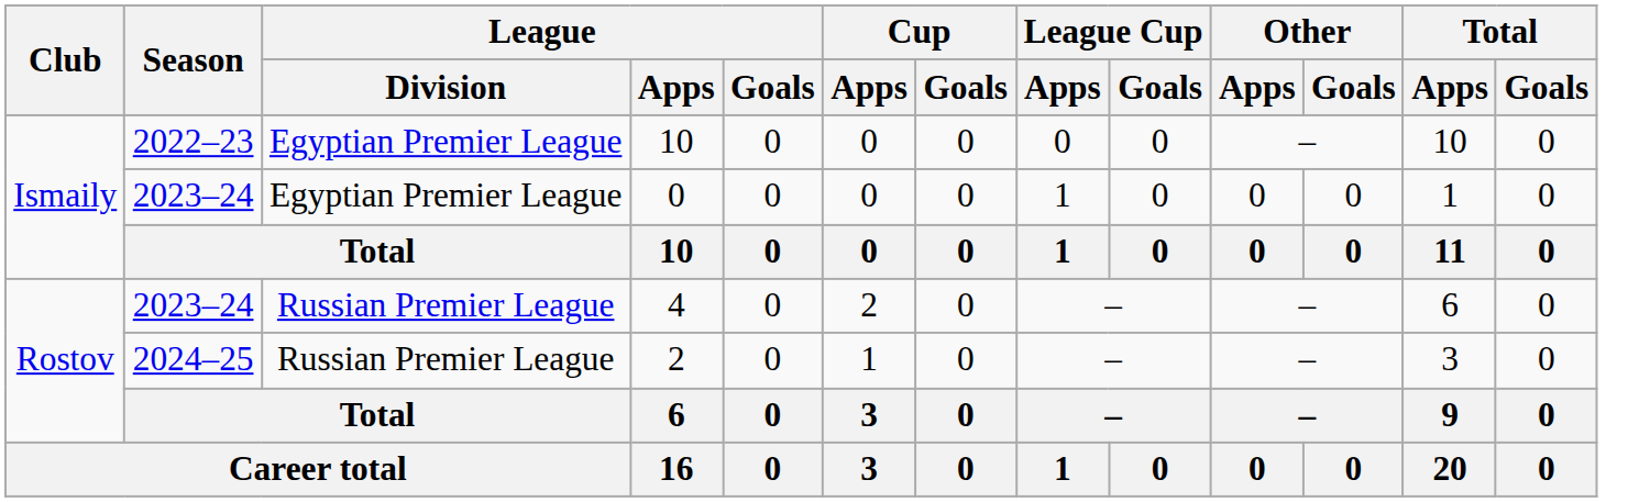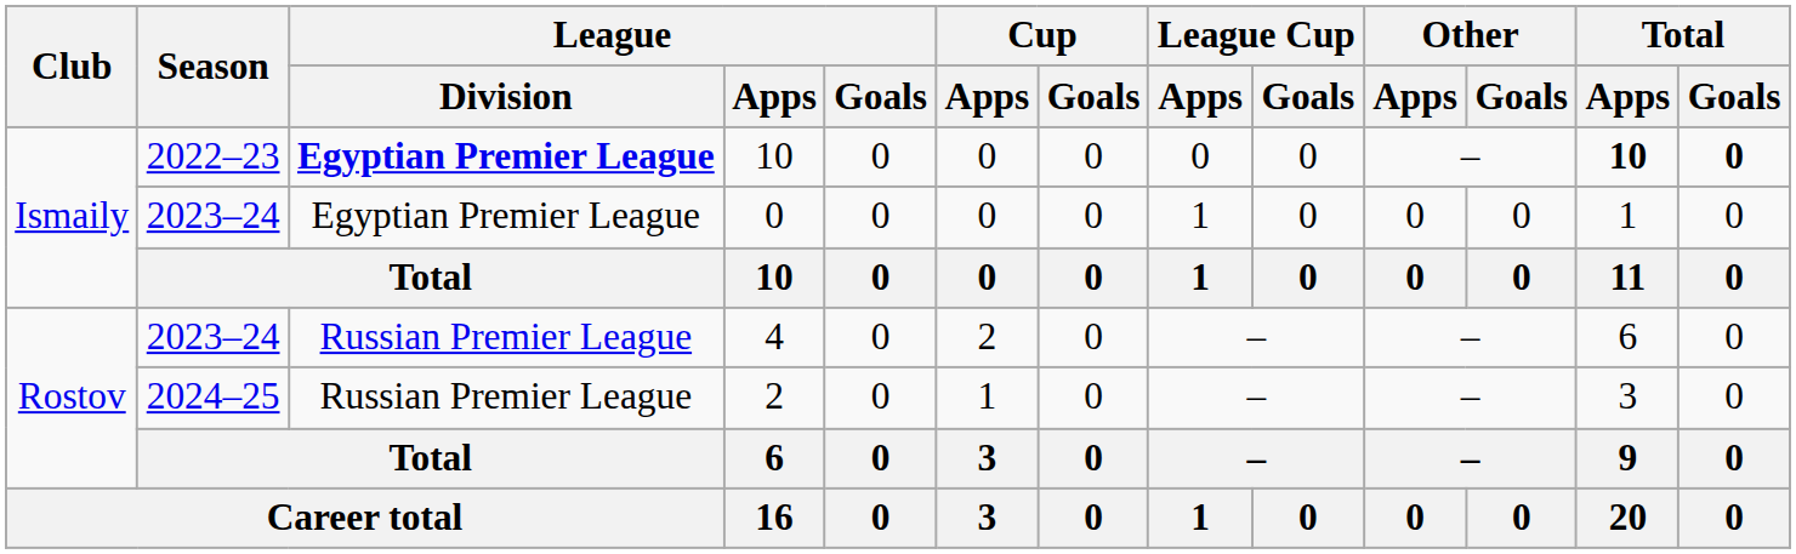 <table class="wikitable" style="text-align: center;">
 <tr>
 <th rowspan=2>Club</th>
 <th rowspan=2>Season</th>
 <th colspan=3>League</th>
 <th colspan=2>Cup</th>
 <th colspan=2>League Cup</th>
 <th colspan=2>Other</th>
 <th colspan=2>Total</th>
 </tr>
 <tr>
 <th>Division</th>
 <th>Apps</th>
 <th>Goals</th>
 <th>Apps</th>
 <th>Goals</th>
 <th>Apps</th>
 <th>Goals</th>
 <th>Apps</th>
 <th>Goals</th>
 <th>Apps</th>
 <th>Goals</th>
 </tr>
 <tr>
 <td rowspan="3"><a href='#'>Ismaily</a></td>
 <td><a href='#'>2022–23</a></td>
-<td><a href='#'>Egyptian Premier League</a></td>
+<td><strong><a href='#'>Egyptian Premier League</a></strong></td>
 <td>10</td>
 <td>0</td>
 <td>0</td>
 <td>0</td>
 <td>0</td>
 <td>0</td>
 <td colspan="2">–</td>
-<td>10</td>
-<td>0</td>
+<td><strong>10</strong></td>
+<td><strong>0</strong></td>
 </tr>
 <tr>
 <td><a href='#'>2023–24</a></td>
 <td>Egyptian Premier League</td>
 <td>0</td>
 <td>0</td>
 <td>0</td>
 <td>0</td>
 <td>1</td>
 <td>0</td>
 <td>0</td>
 <td>0</td>
 <td>1</td>
 <td>0</td>
 </tr>
 <tr>
 <th colspan="2">Total</th>
 <th>10</th>
 <th>0</th>
 <th>0</th>
 <th>0</th>
 <th>1</th>
 <th>0</th>
 <th>0</th>
 <th>0</th>
 <th>11</th>
 <th>0</th>
 </tr>
 <tr>
 <td rowspan="3"><a href='#'>Rostov</a></td>
 <td><a href='#'>2023–24</a></td>
 <td><a href='#'>Russian Premier League</a></td>
 <td>4</td>
 <td>0</td>
 <td>2</td>
 <td>0</td>
 <td colspan="2">–</td>
 <td colspan="2">–</td>
 <td>6</td>
 <td>0</td>
 </tr>
 <tr>
 <td><a href='#'>2024–25</a></td>
 <td>Russian Premier League</td>
 <td>2</td>
 <td>0</td>
 <td>1</td>
 <td>0</td>
 <td colspan="2">–</td>
 <td colspan="2">–</td>
 <td>3</td>
 <td>0</td>
 </tr>
 <tr>
 <th colspan="2">Total</th>
 <th>6</th>
 <th>0</th>
 <th>3</th>
 <th>0</th>
 <th colspan="2">–</th>
 <th colspan="2">–</th>
 <th>9</th>
 <th>0</th>
 </tr>
 <tr>
 <th colspan="3">Career total</th>
 <th>16</th>
 <th>0</th>
 <th>3</th>
 <th>0</th>
 <th>1</th>
 <th>0</th>
 <th>0</th>
 <th>0</th>
 <th>20</th>
 <th>0</th>
 </tr>
 </table>
